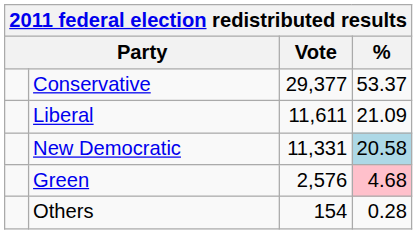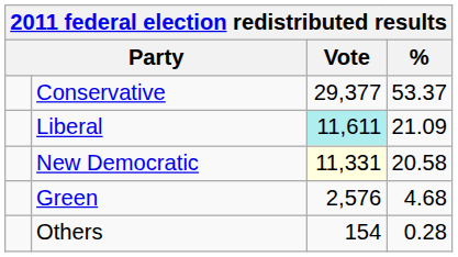 <table class="wikitable">
 <tr>
 <th colspan="4"><a href='#'>2011 federal election</a> redistributed results</th>
 </tr>
 <tr>
 <th bgcolor="#DDDDFF" width="130px" colspan="2">Party</th>
 <th bgcolor="#DDDDFF" width="50px">Vote</th>
 <th bgcolor="#DDDDFF" width="30px">%</th>
 </tr>
 <tr>
 <td> </td>
 <td><a href='#'>Conservative</a></td>
 <td align=right>29,377</td>
 <td align=right>53.37</td>
 </tr>
 <tr>
 <td> </td>
 <td><a href='#'>Liberal</a></td>
-<td align=right>11,611</td>
+<td align=right style="background: paleturquoise;">11,611</td>
 <td align=right>21.09</td>
 </tr>
 <tr>
 <td> </td>
 <td><a href='#'>New Democratic</a></td>
-<td align=right>11,331</td>
-<td align=right style="background: lightblue;">20.58</td>
+<td align=right style="background: lightyellow;">11,331</td>
+<td align=right>20.58</td>
 </tr>
 <tr>
 <td> </td>
 <td><a href='#'>Green</a></td>
 <td align=right>2,576</td>
-<td align=right style="background: pink;">4.68</td>
+<td align=right>4.68</td>
 </tr>
 <tr>
 <td> </td>
 <td>Others</td>
 <td align=right>154</td>
 <td align=right>0.28</td>
 </tr>
 </table>
